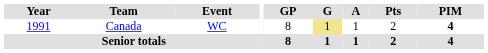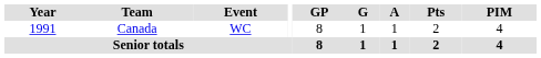 <table border="0" cellpadding="1" cellspacing="0" ID="Table3" style="text-align:center; width:40em">
 <tr bgcolor="#e0e0e0">
 <th>Year</th>
 <th>Team</th>
 <th>Event</th>
 <th rowspan="102" bgcolor="#ffffff"></th>
 <th>GP</th>
 <th>G</th>
 <th>A</th>
 <th>Pts</th>
 <th>PIM</th>
 </tr>
 <tr>
 <td><a href='#'>1991</a></td>
 <td><a href='#'>Canada</a></td>
 <td><a href='#'>WC</a></td>
 <td>8</td>
-<td style="background: khaki;">1</td>
+<td>1</td>
 <td>1</td>
 <td>2</td>
-<td><strong>4</strong></td>
+<td>4</td>
 </tr>
 <tr bgcolor="#e0e0e0">
 <th colspan="4">Senior totals</th>
 <th>8</th>
 <th>1</th>
 <th>1</th>
 <th>2</th>
 <th>4</th>
 </tr>
 </table>
